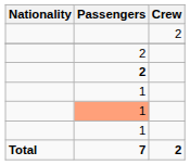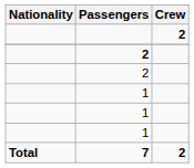 <table class="wikitable sortable floatright" style="font-size:85%; text-align:right; margin:0 0 1.5em 1.5em;">
 <tr>
 <th style="text-align:left;">Nationality</th>
 <th style="text-align:left;">Passengers</th>
 <th style="text-align:left;">Crew</th>
 </tr>
 <tr>
 <td style="text-align:left;"></td>
 <td></td>
-<td>2</td>
+<td><strong>2</strong></td>
 </tr>
 <tr>
 </tr>
 <tr>
 <td style="text-align:left;"></td>
-<td>2</td>
+<td><strong>2</strong></td>
 <td></td>
 </tr>
 <tr>
 <td style="text-align:left;"></td>
-<td><strong>2</strong></td>
+<td>2</td>
 <td></td>
 </tr>
 <tr>
 <td style="text-align:left;"></td>
 <td>1</td>
 <td></td>
 </tr>
 <tr>
 <td style="text-align:left;"></td>
-<td style="background: lightsalmon;">1</td>
+<td>1</td>
 <td></td>
 </tr>
 <tr>
 <td style="text-align:left;"></td>
 <td>1</td>
 <td></td>
 </tr>
 <tr class="sortbottom">
 <td style="text-align:left;"><strong>Total</strong></td>
 <td><strong>7</strong></td>
 <td><strong>2</strong></td>
 </tr>
 </table>
